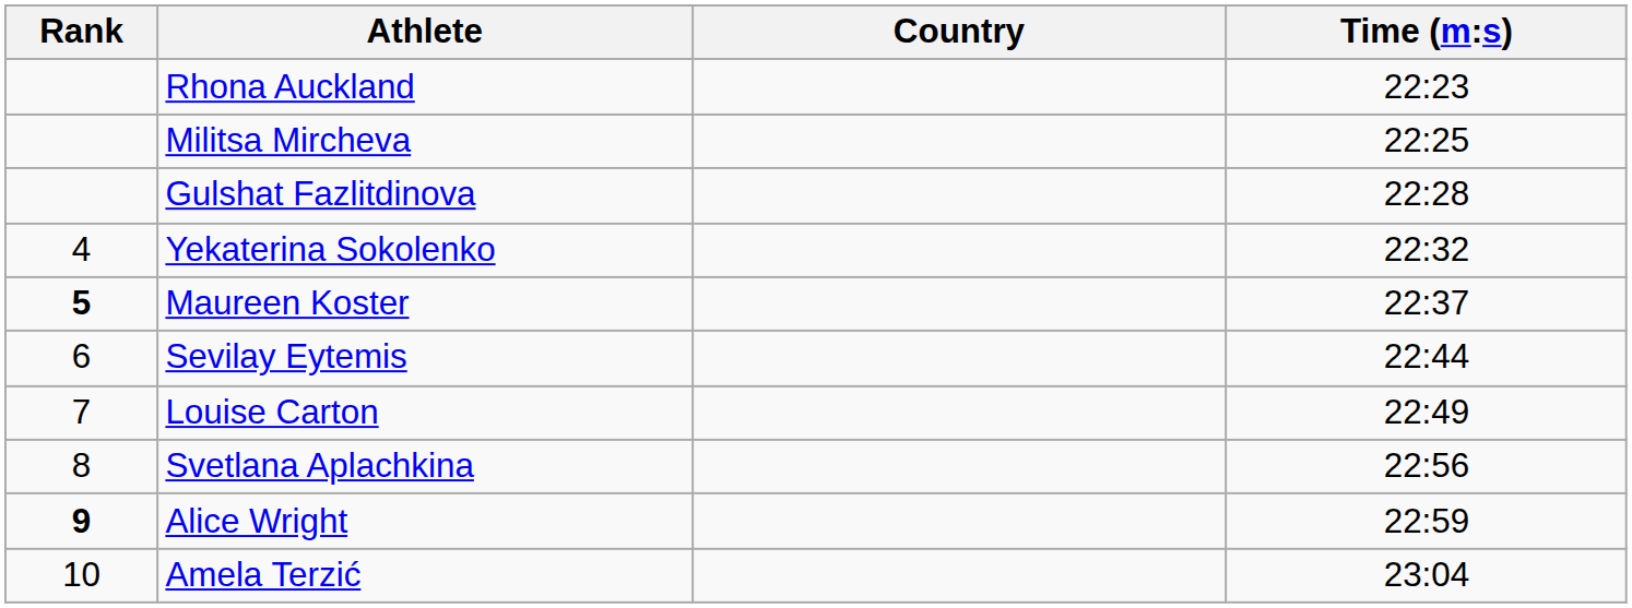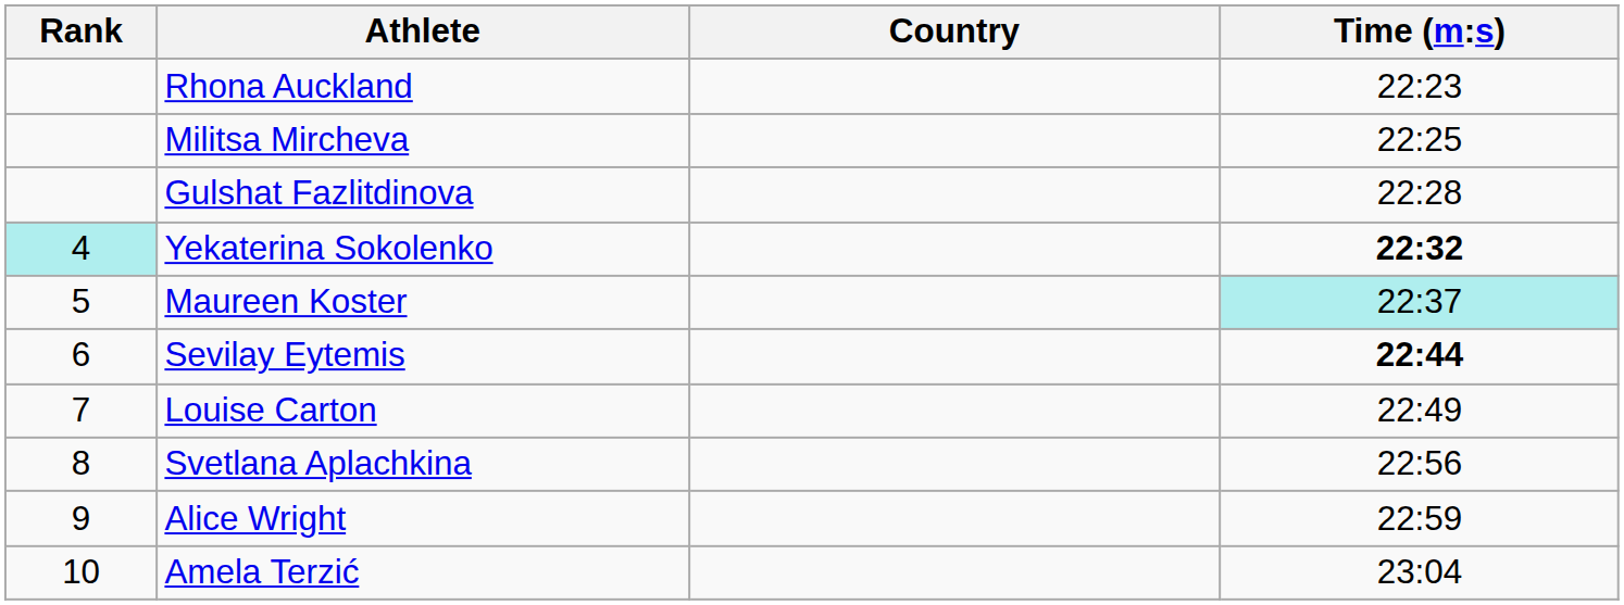 <table class="wikitable" style="text-align:center;" width="60%">
 <tr>
 </tr>
 <tr>
 <th width=5%>Rank</th>
 <th width=20%>Athlete</th>
 <th width=20%>Country</th>
 <th width=15%>Time (<a href='#'>m</a>:<a href='#'>s</a>)</th>
 </tr>
 <tr>
 <td></td>
 <td align="left"><a href='#'>Rhona Auckland</a></td>
 <td align="left"></td>
 <td>22:23</td>
 </tr>
 <tr>
 <td></td>
 <td align="left"><a href='#'>Militsa Mircheva</a></td>
 <td align="left"></td>
 <td>22:25</td>
 </tr>
 <tr>
 <td></td>
 <td align="left"><a href='#'>Gulshat Fazlitdinova</a></td>
 <td align="left"></td>
 <td>22:28</td>
 </tr>
 <tr>
-<td>4</td>
+<td style="background: paleturquoise;">4</td>
 <td align="left"><a href='#'>Yekaterina Sokolenko</a></td>
 <td align="left"></td>
-<td>22:32</td>
+<td><strong>22:32</strong></td>
 </tr>
 <tr>
-<td><strong>5</strong></td>
+<td>5</td>
 <td align="left"><a href='#'>Maureen Koster</a></td>
 <td align="left"></td>
-<td>22:37</td>
+<td style="background: paleturquoise;">22:37</td>
 </tr>
 <tr>
 <td>6</td>
 <td align="left"><a href='#'>Sevilay Eytemis</a></td>
 <td align="left"></td>
-<td>22:44</td>
+<td><strong>22:44</strong></td>
 </tr>
 <tr>
 <td>7</td>
 <td align="left"><a href='#'>Louise Carton</a></td>
 <td align="left"></td>
 <td>22:49</td>
 </tr>
 <tr>
 <td>8</td>
 <td align="left"><a href='#'>Svetlana Aplachkina</a></td>
 <td align="left"></td>
 <td>22:56</td>
 </tr>
 <tr>
-<td><strong>9</strong></td>
+<td>9</td>
 <td align="left"><a href='#'>Alice Wright</a></td>
 <td align="left"></td>
 <td>22:59</td>
 </tr>
 <tr>
 <td>10</td>
 <td align="left"><a href='#'>Amela Terzić</a></td>
 <td align="left"></td>
 <td>23:04</td>
 </tr>
 </table>
